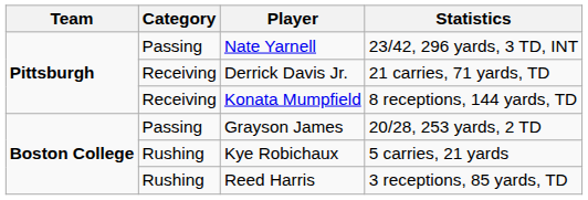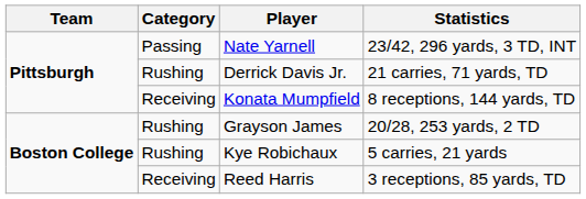 <table class="wikitable" style="float: right;">
 <tr>
 <th>Team</th>
 <th>Category</th>
 <th>Player</th>
 <th>Statistics</th>
 </tr>
 <tr>
 <td rowspan=3><strong>Pittsburgh</strong></td>
 <td>Passing</td>
 <td><a href='#'>Nate Yarnell</a></td>
 <td>23/42, 296 yards, 3 TD, INT</td>
 </tr>
 <tr>
-<td>Receiving</td>
+<td>Rushing</td>
 <td>Derrick Davis Jr.</td>
 <td>21 carries, 71 yards, TD</td>
 </tr>
 <tr>
 <td>Receiving</td>
 <td><a href='#'>Konata Mumpfield</a></td>
 <td>8 receptions, 144 yards, TD</td>
 </tr>
 <tr>
 <td rowspan=3><strong>Boston College</strong></td>
-<td>Passing</td>
+<td>Rushing</td>
 <td>Grayson James</td>
 <td>20/28, 253 yards, 2 TD</td>
 </tr>
 <tr>
 <td>Rushing</td>
 <td>Kye Robichaux</td>
 <td>5 carries, 21 yards</td>
 </tr>
 <tr>
-<td>Rushing</td>
+<td>Receiving</td>
 <td>Reed Harris</td>
 <td>3 receptions, 85 yards, TD</td>
 </tr>
 </table>
